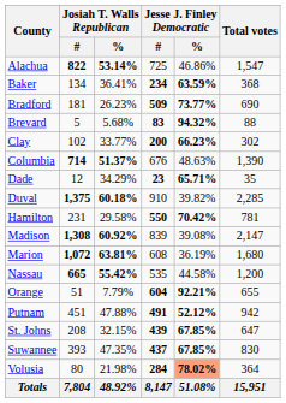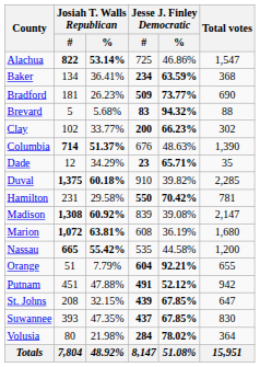 <table class="wikitable sortable">
 <tr>
 <th rowspan="2">County</th>
 <th colspan="2" style="text-align: center;" >Josiah T. Walls <br> <em>Republican</em></th>
 <th colspan="2" style="text-align: center;" >Jesse J. Finley <br><em>Democratic</em></th>
 <th rowspan="2">Total votes</th>
 </tr>
 <tr>
 <th colspan="1" style="text-align: center;" >#</th>
 <th colspan="1" style="text-align: center;" >%</th>
 <th colspan="1" style="text-align: center;" >#</th>
 <th colspan="1" style="text-align: center;" >%</th>
 </tr>
 <tr>
 <td><a href='#'>Alachua</a></td>
 <td align="center"><strong>822</strong></td>
 <td align="center"><strong>53.14%</strong></td>
 <td align="center">725</td>
 <td align="center">46.86%</td>
 <td align="center">1,547</td>
 </tr>
 <tr>
 <td><a href='#'>Baker</a></td>
 <td align="center">134</td>
 <td align="center">36.41%</td>
 <td align="center"><strong>234</strong></td>
 <td align="center"><strong>63.59%</strong></td>
 <td align="center">368</td>
 </tr>
 <tr>
 <td><a href='#'>Bradford</a></td>
 <td align="center">181</td>
 <td align="center">26.23%</td>
 <td align="center"><strong>509</strong></td>
 <td align="center"><strong>73.77%</strong></td>
 <td align="center">690</td>
 </tr>
 <tr>
 <td><a href='#'>Brevard</a></td>
 <td align="center">5</td>
 <td align="center">5.68%</td>
 <td align="center"><strong>83</strong></td>
 <td align="center"><strong>94.32%</strong></td>
 <td align="center">88</td>
 </tr>
 <tr>
 <td><a href='#'>Clay</a></td>
 <td align="center">102</td>
 <td align="center">33.77%</td>
 <td align="center"><strong>200</strong></td>
 <td align="center"><strong>66.23%</strong></td>
 <td align="center">302</td>
 </tr>
 <tr>
 <td><a href='#'>Columbia</a></td>
 <td align="center"><strong>714</strong></td>
 <td align="center"><strong>51.37%</strong></td>
 <td align="center">676</td>
 <td align="center">48.63%</td>
 <td align="center">1,390</td>
 </tr>
 <tr>
 <td><a href='#'>Dade</a></td>
 <td align="center">12</td>
 <td align="center">34.29%</td>
 <td align="center"><strong>23</strong></td>
 <td align="center"><strong>65.71%</strong></td>
 <td align="center">35</td>
 </tr>
 <tr>
 <td><a href='#'>Duval</a></td>
 <td align="center"><strong>1,375</strong></td>
 <td align="center"><strong>60.18%</strong></td>
 <td align="center">910</td>
 <td align="center">39.82%</td>
 <td align="center">2,285</td>
 </tr>
 <tr>
 <td><a href='#'>Hamilton</a></td>
 <td align="center">231</td>
 <td align="center">29.58%</td>
 <td align="center"><strong>550</strong></td>
 <td align="center"><strong>70.42%</strong></td>
 <td align="center">781</td>
 </tr>
 <tr>
 <td><a href='#'>Madison</a></td>
 <td align="center"><strong>1,308</strong></td>
 <td align="center"><strong>60.92%</strong></td>
 <td align="center">839</td>
 <td align="center">39.08%</td>
 <td align="center">2,147</td>
 </tr>
 <tr>
 <td><a href='#'>Marion</a></td>
 <td align="center"><strong>1,072</strong></td>
 <td align="center"><strong>63.81%</strong></td>
 <td align="center">608</td>
 <td align="center">36.19%</td>
 <td align="center">1,680</td>
 </tr>
 <tr>
 <td><a href='#'>Nassau</a></td>
 <td align="center"><strong>665</strong></td>
 <td align="center"><strong>55.42%</strong></td>
 <td align="center">535</td>
 <td align="center">44.58%</td>
 <td align="center">1,200</td>
 </tr>
 <tr>
 <td><a href='#'>Orange</a></td>
 <td align="center">51</td>
 <td align="center">7.79%</td>
 <td align="center"><strong>604</strong></td>
 <td align="center"><strong>92.21%</strong></td>
 <td align="center">655</td>
 </tr>
 <tr>
 <td><a href='#'>Putnam</a></td>
 <td align="center">451</td>
 <td align="center">47.88%</td>
 <td align="center"><strong>491</strong></td>
 <td align="center"><strong>52.12%</strong></td>
 <td align="center">942</td>
 </tr>
 <tr>
 <td><a href='#'>St. Johns</a></td>
 <td align="center">208</td>
 <td align="center">32.15%</td>
 <td align="center"><strong>439</strong></td>
 <td align="center"><strong>67.85%</strong></td>
 <td align="center">647</td>
 </tr>
 <tr>
 <td><a href='#'>Suwannee</a></td>
 <td align="center">393</td>
 <td align="center">47.35%</td>
 <td align="center"><strong>437</strong></td>
 <td align="center"><strong>67.85%</strong></td>
 <td align="center">830</td>
 </tr>
 <tr>
 <td><a href='#'>Volusia</a></td>
 <td align="center">80</td>
 <td align="center">21.98%</td>
 <td align="center"><strong>284</strong></td>
-<td align="center" style="background: lightsalmon;"><strong>78.02%</strong></td>
+<td align="center"><strong>78.02%</strong></td>
 <td align="center">364</td>
 </tr>
 <tr>
 <th><em>Totals</em></th>
 <th><em>7,804</em></th>
 <th><em>48.92%</em></th>
 <th><em>8,147</em></th>
 <th><em>51.08%</em></th>
 <th><em>15,951</em></th>
 </tr>
 </table>
